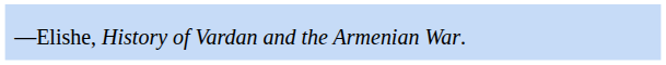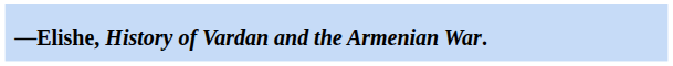 <table class="toccolours" style="float: right; margin-left: 1em; margin-right: 2em; font-size: 85%; background:#c6dbf7; color:black; width:30em; max-width: 40%;" cellspacing="5">
 <tr>
 <td style="text-align: left;"></td>
 </tr>
 <tr>
-<td style="text-align: left;">—Elishe, <em>History of Vardan and the Armenian War</em>.</td>
+<td style="text-align: left;"><strong>—Elishe, <em>History of Vardan and the Armenian War</em>.</strong></td>
 </tr>
 </table>
